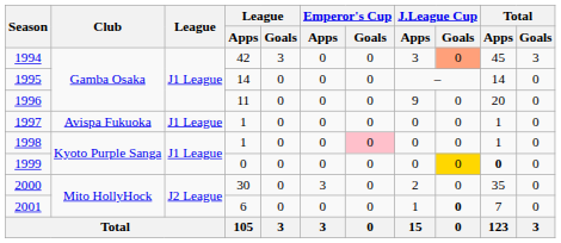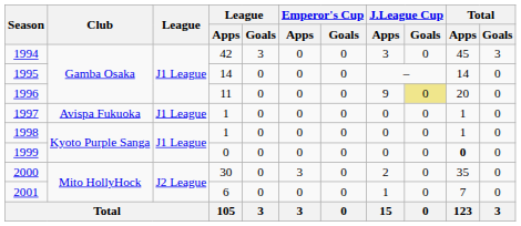 <table class="wikitable" style="text-align:center;">
 <tr>
 <th rowspan=2>Season</th>
 <th rowspan=2>Club</th>
 <th rowspan=2>League</th>
 <th colspan=2>League</th>
 <th colspan=2><a href='#'>Emperor's Cup</a></th>
 <th colspan=2><a href='#'>J.League Cup</a></th>
 <th colspan=2>Total</th>
 </tr>
 <tr>
 <th>Apps</th>
 <th>Goals</th>
 <th>Apps</th>
 <th>Goals</th>
 <th>Apps</th>
 <th>Goals</th>
 <th>Apps</th>
 <th>Goals</th>
 </tr>
 <tr>
 <td><a href='#'>1994</a></td>
 <td rowspan="3"><a href='#'>Gamba Osaka</a></td>
 <td rowspan="3"><a href='#'>J1 League</a></td>
 <td>42</td>
 <td>3</td>
 <td>0</td>
 <td>0</td>
 <td>3</td>
-<td style="background: lightsalmon;">0</td>
+<td>0</td>
 <td>45</td>
 <td>3</td>
 </tr>
 <tr>
 <td><a href='#'>1995</a></td>
 <td>14</td>
 <td>0</td>
 <td>0</td>
 <td>0</td>
 <td colspan="2">–</td>
 <td>14</td>
 <td>0</td>
 </tr>
 <tr>
 <td><a href='#'>1996</a></td>
 <td>11</td>
 <td>0</td>
 <td>0</td>
 <td>0</td>
 <td>9</td>
-<td>0</td>
+<td style="background: khaki;">0</td>
 <td>20</td>
 <td>0</td>
 </tr>
 <tr>
 <td><a href='#'>1997</a></td>
 <td><a href='#'>Avispa Fukuoka</a></td>
 <td><a href='#'>J1 League</a></td>
 <td>1</td>
 <td>0</td>
 <td>0</td>
 <td>0</td>
 <td>0</td>
 <td>0</td>
 <td>1</td>
 <td>0</td>
 </tr>
 <tr>
 <td><a href='#'>1998</a></td>
 <td rowspan="2"><a href='#'>Kyoto Purple Sanga</a></td>
 <td rowspan="2"><a href='#'>J1 League</a></td>
 <td>1</td>
 <td>0</td>
 <td>0</td>
-<td style="background: pink;">0</td>
+<td>0</td>
 <td>0</td>
 <td>0</td>
 <td>1</td>
 <td>0</td>
 </tr>
 <tr>
 <td><a href='#'>1999</a></td>
 <td>0</td>
 <td>0</td>
 <td>0</td>
 <td>0</td>
 <td>0</td>
-<td style="background: gold;">0</td>
+<td>0</td>
 <td><strong>0</strong></td>
 <td>0</td>
 </tr>
 <tr>
 <td><a href='#'>2000</a></td>
 <td rowspan="2"><a href='#'>Mito HollyHock</a></td>
 <td rowspan="2"><a href='#'>J2 League</a></td>
 <td>30</td>
 <td>0</td>
 <td>3</td>
 <td>0</td>
 <td>2</td>
 <td>0</td>
 <td>35</td>
 <td>0</td>
 </tr>
 <tr>
 <td><a href='#'>2001</a></td>
 <td>6</td>
 <td>0</td>
 <td>0</td>
 <td>0</td>
 <td>1</td>
-<td><strong>0</strong></td>
+<td>0</td>
 <td>7</td>
 <td>0</td>
 </tr>
 <tr>
 <th colspan=3>Total</th>
 <th>105</th>
 <th>3</th>
 <th>3</th>
 <th>0</th>
 <th>15</th>
 <th>0</th>
 <th>123</th>
 <th>3</th>
 </tr>
 </table>
